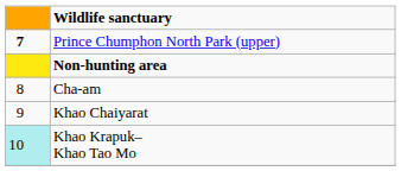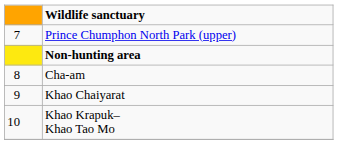 <table class="wikitable" style="width:33%; display:inline-table;">
 <tr>
 <td style="width:3%; background:#FFA400;"> </td>
 <td style="width:30%;"><strong>Wildlife sanctuary</strong></td>
 </tr>
 <tr>
-<td><strong>  7</strong></td>
+<td>  7</td>
 <td><a href='#'>Prince Chumphon North Park (upper)</a></td>
 </tr>
 <tr>
 <td style="width:3%; background:#FDE910;"> </td>
 <td style="width:30%;"><strong>Non-hunting area</strong></td>
 </tr>
 <tr>
 <td>  8</td>
 <td>Cha-am</td>
 </tr>
 <tr>
 <td>  9</td>
 <td>Khao Chaiyarat</td>
 </tr>
 <tr>
-<td style="background: paleturquoise;">10</td>
+<td>10</td>
 <td>Khao Krapuk–<br>Khao Tao Mo</td>
 </tr>
 <tr>
 </tr>
 </table>
